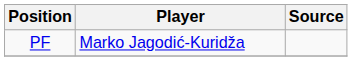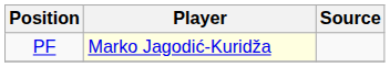 <table class="wikitable sortable" style="text-align: center;">
 <tr>
 <th>Position</th>
 <th style="width:200px;">Player</th>
 <th>Source</th>
 </tr>
 <tr>
 <td><a href='#'>PF</a></td>
-<td style="text-align:left"> <a href='#'>Marko Jagodić-Kuridža</a></td>
+<td style="background: lightyellow; text-align:left"> <a href='#'>Marko Jagodić-Kuridža</a></td>
 <td></td>
 </tr>
 <tr>
 </tr>
 </table>
